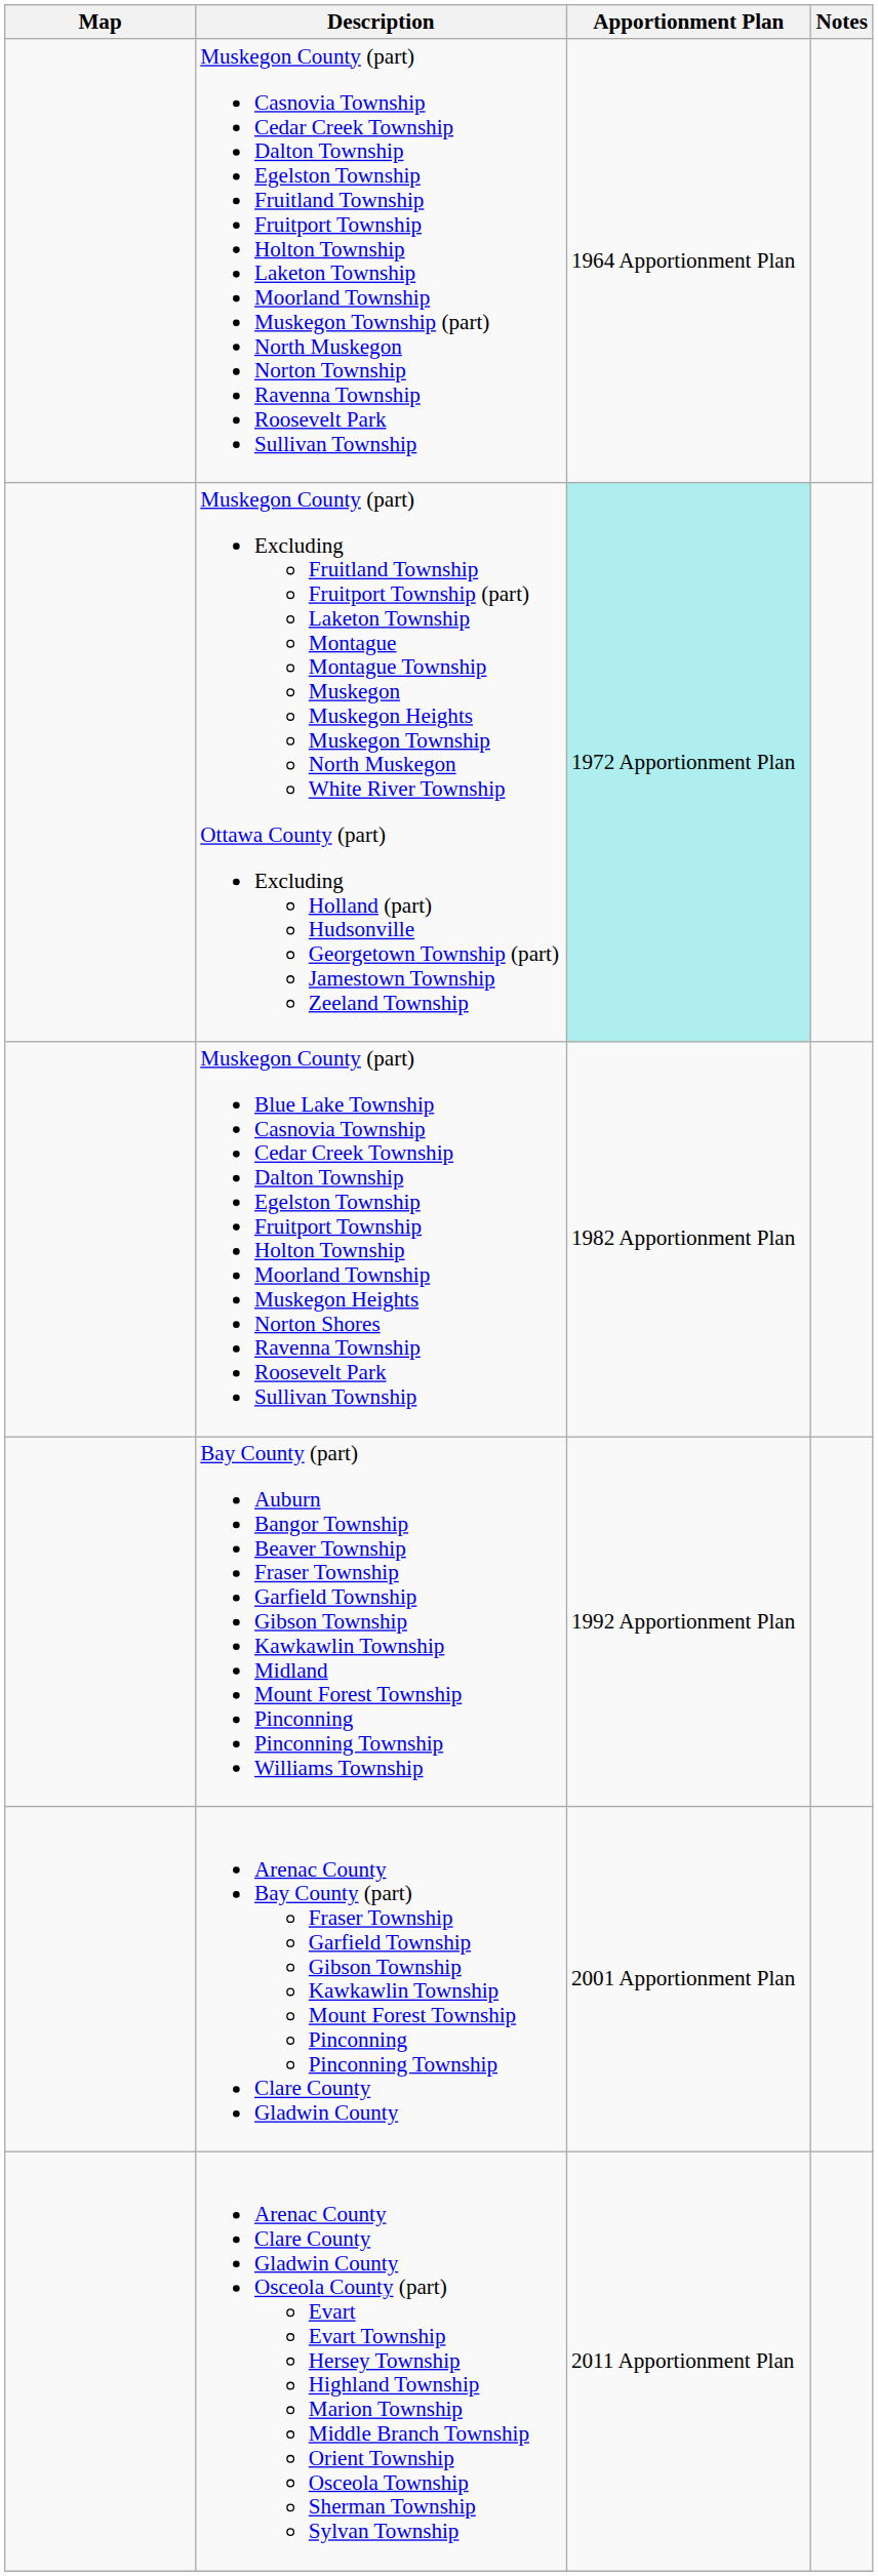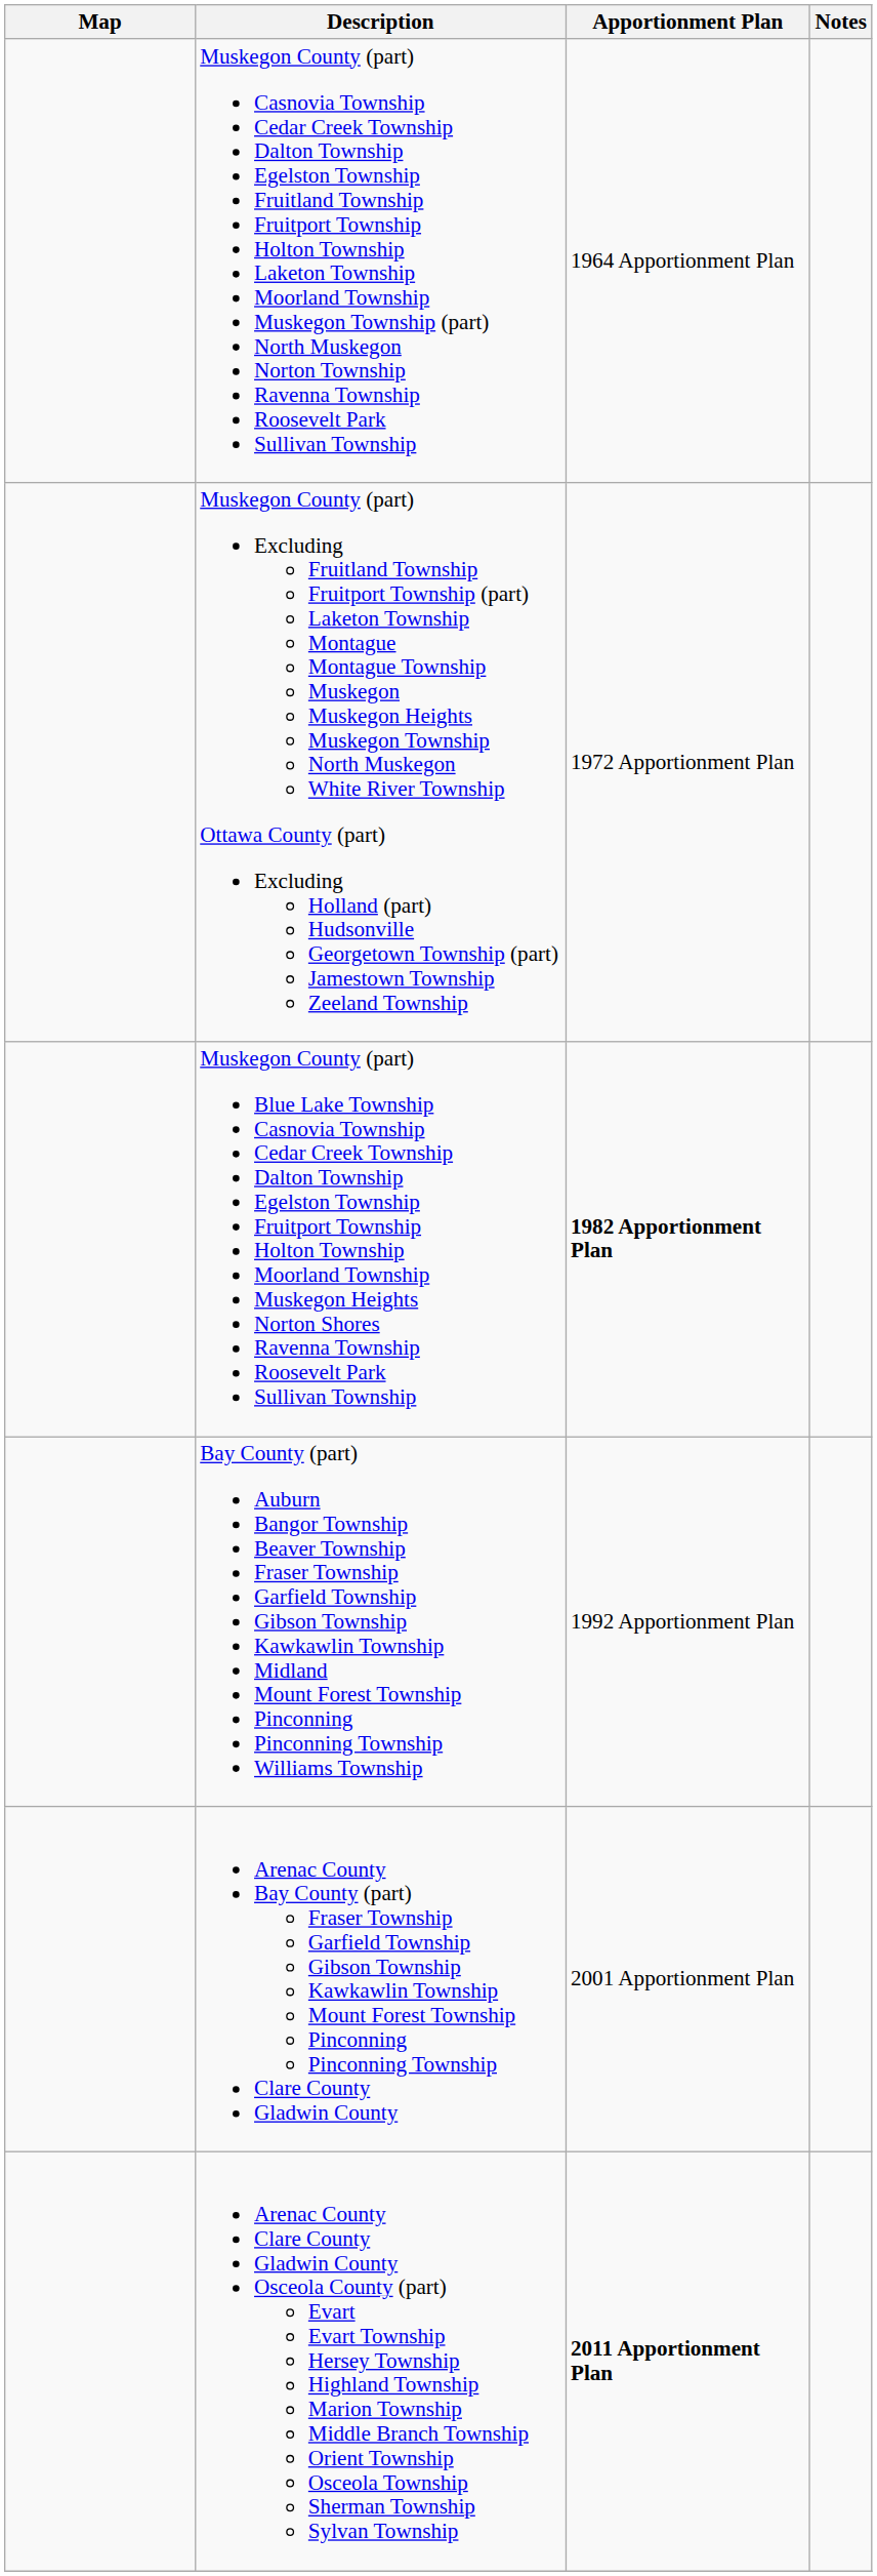 <table class="wikitable sortable">
 <tr>
 <th style="width:100pt;">Map</th>
 <th style="width:200pt;">Description</th>
 <th style="width:130pt;">Apportionment Plan</th>
 <th style="width:15pt;">Notes</th>
 </tr>
 <tr>
 <td></td>
 <td><a href='#'>Muskegon County</a> (part)<br><ul><li><a href='#'>Casnovia Township</a></li><li><a href='#'>Cedar Creek Township</a></li><li><a href='#'>Dalton Township</a></li><li><a href='#'>Egelston Township</a></li><li><a href='#'>Fruitland Township</a></li><li><a href='#'>Fruitport Township</a></li><li><a href='#'>Holton Township</a></li><li><a href='#'>Laketon Township</a></li><li><a href='#'>Moorland Township</a></li><li><a href='#'>Muskegon Township</a> (part)</li><li><a href='#'>North Muskegon</a></li><li><a href='#'>Norton Township</a></li><li><a href='#'>Ravenna Township</a></li><li><a href='#'>Roosevelt Park</a></li><li><a href='#'>Sullivan Township</a></li></ul></td>
 <td>1964 Apportionment Plan</td>
 <td></td>
 </tr>
 <tr>
 <td></td>
 <td><a href='#'>Muskegon County</a> (part)<br><ul><li>Excluding<ul><li><a href='#'>Fruitland Township</a></li><li><a href='#'>Fruitport Township</a> (part)</li><li><a href='#'>Laketon Township</a></li><li><a href='#'>Montague</a></li><li><a href='#'>Montague Township</a></li><li><a href='#'>Muskegon</a></li><li><a href='#'>Muskegon Heights</a></li><li><a href='#'>Muskegon Township</a></li><li><a href='#'>North Muskegon</a></li><li><a href='#'>White River Township</a></li></ul></li></ul><a href='#'>Ottawa County</a> (part)<ul><li>Excluding<ul><li><a href='#'>Holland</a> (part)</li><li><a href='#'>Hudsonville</a></li><li><a href='#'>Georgetown Township</a> (part)</li><li><a href='#'>Jamestown Township</a></li><li><a href='#'>Zeeland Township</a></li></ul></li></ul></td>
-<td style="background: paleturquoise;">1972 Apportionment Plan</td>
+<td>1972 Apportionment Plan</td>
 <td></td>
 </tr>
 <tr>
 <td></td>
 <td><a href='#'>Muskegon County</a> (part)<br><ul><li><a href='#'>Blue Lake Township</a></li><li><a href='#'>Casnovia Township</a></li><li><a href='#'>Cedar Creek Township</a></li><li><a href='#'>Dalton Township</a></li><li><a href='#'>Egelston Township</a></li><li><a href='#'>Fruitport Township</a></li><li><a href='#'>Holton Township</a></li><li><a href='#'>Moorland Township</a></li><li><a href='#'>Muskegon Heights</a></li><li><a href='#'>Norton Shores</a></li><li><a href='#'>Ravenna Township</a></li><li><a href='#'>Roosevelt Park</a></li><li><a href='#'>Sullivan Township</a></li></ul></td>
-<td>1982 Apportionment Plan</td>
+<td><strong>1982 Apportionment Plan</strong></td>
 <td></td>
 </tr>
 <tr>
 <td></td>
 <td><a href='#'>Bay County</a> (part)<br><ul><li><a href='#'>Auburn</a></li><li><a href='#'>Bangor Township</a></li><li><a href='#'>Beaver Township</a></li><li><a href='#'>Fraser Township</a></li><li><a href='#'>Garfield Township</a></li><li><a href='#'>Gibson Township</a></li><li><a href='#'>Kawkawlin Township</a></li><li><a href='#'>Midland</a></li><li><a href='#'>Mount Forest Township</a></li><li><a href='#'>Pinconning</a></li><li><a href='#'>Pinconning Township</a></li><li><a href='#'>Williams Township</a></li></ul></td>
 <td>1992 Apportionment Plan</td>
 <td></td>
 </tr>
 <tr>
 <td></td>
 <td><br><ul><li><a href='#'>Arenac County</a></li><li><a href='#'>Bay County</a> (part)<ul><li><a href='#'>Fraser Township</a></li><li><a href='#'>Garfield Township</a></li><li><a href='#'>Gibson Township</a></li><li><a href='#'>Kawkawlin Township</a></li><li><a href='#'>Mount Forest Township</a></li><li><a href='#'>Pinconning</a></li><li><a href='#'>Pinconning Township</a></li></ul></li><li><a href='#'>Clare County</a></li><li><a href='#'>Gladwin County</a></li></ul></td>
 <td>2001 Apportionment Plan</td>
 <td></td>
 </tr>
 <tr>
 <td></td>
 <td><br><ul><li><a href='#'>Arenac County</a></li><li><a href='#'>Clare County</a></li><li><a href='#'>Gladwin County</a></li><li><a href='#'>Osceola County</a> (part)<ul><li><a href='#'>Evart</a></li><li><a href='#'>Evart Township</a></li><li><a href='#'>Hersey Township</a></li><li><a href='#'>Highland Township</a></li><li><a href='#'>Marion Township</a></li><li><a href='#'>Middle Branch Township</a></li><li><a href='#'>Orient Township</a></li><li><a href='#'>Osceola Township</a></li><li><a href='#'>Sherman Township</a></li><li><a href='#'>Sylvan Township</a></li></ul></li></ul></td>
-<td>2011 Apportionment Plan</td>
+<td><strong>2011 Apportionment Plan</strong></td>
 <td></td>
 </tr>
 <tr>
 </tr>
 </table>
